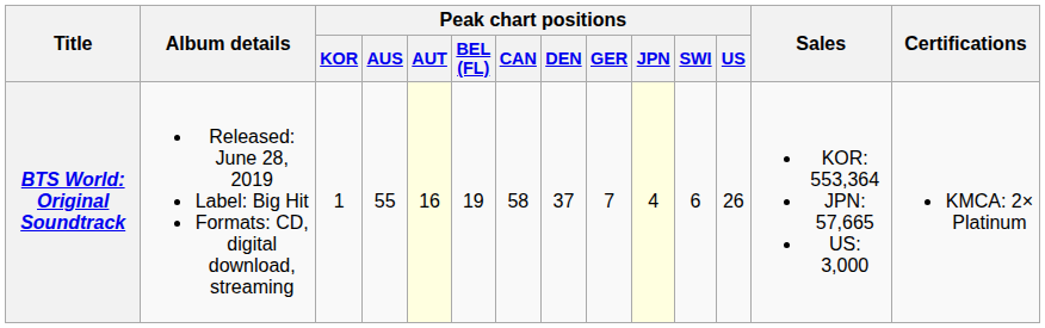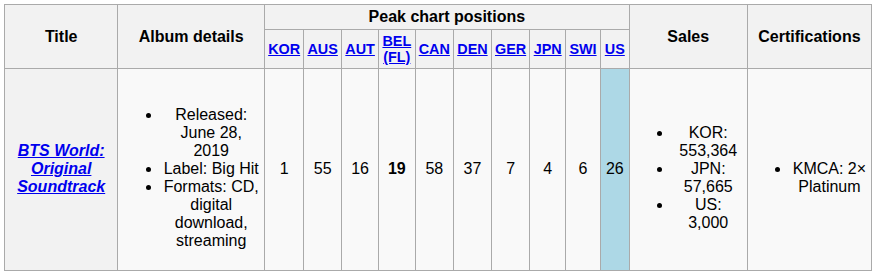 <table class="wikitable plainrowheaders" style="text-align:center;">
 <tr>
 <th scope="col" rowspan="2" style="width:15em;">Title</th>
 <th scope="col" rowspan="2" style="width:21em;">Album details</th>
 <th colspan="10">Peak chart positions</th>
 <th rowspan="2" style="width:13em;">Sales</th>
 <th rowspan="2" style="width:14em;">Certifications</th>
 </tr>
 <tr>
 <th scope="col" style="width:2.5em;font-size:90%;"><a href='#'>KOR</a><br></th>
 <th scope="col" style="width:2.5em;font-size:90%;"><a href='#'>AUS</a><br></th>
 <th scope="col" style="width:2.5em;font-size:90%;"><a href='#'>AUT</a><br></th>
 <th scope="col" style="width:2.5em;font-size:90%;"><a href='#'>BEL<br>(FL)</a><br></th>
 <th scope="col" style="width:2.5em;font-size:90%;"><a href='#'>CAN</a><br></th>
 <th scope="col" style="width:2.5em;font-size:90%;"><a href='#'>DEN</a><br></th>
 <th scope="col" style="width:2.5em;font-size:90%;"><a href='#'>GER</a><br></th>
 <th scope="col" style="width:2.5em;font-size:90%;"><a href='#'>JPN</a><br></th>
 <th scope="col" style="width:2.5em;font-size:90%;"><a href='#'>SWI</a><br></th>
 <th scope="col" style="width:2.5em;font-size:90%;"><a href='#'>US</a><br></th>
 </tr>
 <tr>
 <th scope="row"><em><a href='#'>BTS World: Original Soundtrack</a></em></th>
 <td><br><ul><li>Released: June 28, 2019</li><li>Label: Big Hit</li><li>Formats: CD, digital download, streaming</li></ul></td>
 <td>1</td>
 <td>55</td>
-<td style="background: lightyellow;">16</td>
-<td>19</td>
+<td>16</td>
+<td><strong>19</strong></td>
 <td>58</td>
 <td>37</td>
 <td>7</td>
-<td style="background: lightyellow;">4</td>
+<td>4</td>
 <td>6</td>
-<td>26</td>
+<td style="background: lightblue;">26</td>
 <td><br><ul><li>KOR: 553,364</li><li>JPN: 57,665</li><li>US: 3,000</li></ul></td>
 <td><br><ul><li>KMCA: 2× Platinum</li></ul></td>
 </tr>
 </table>
